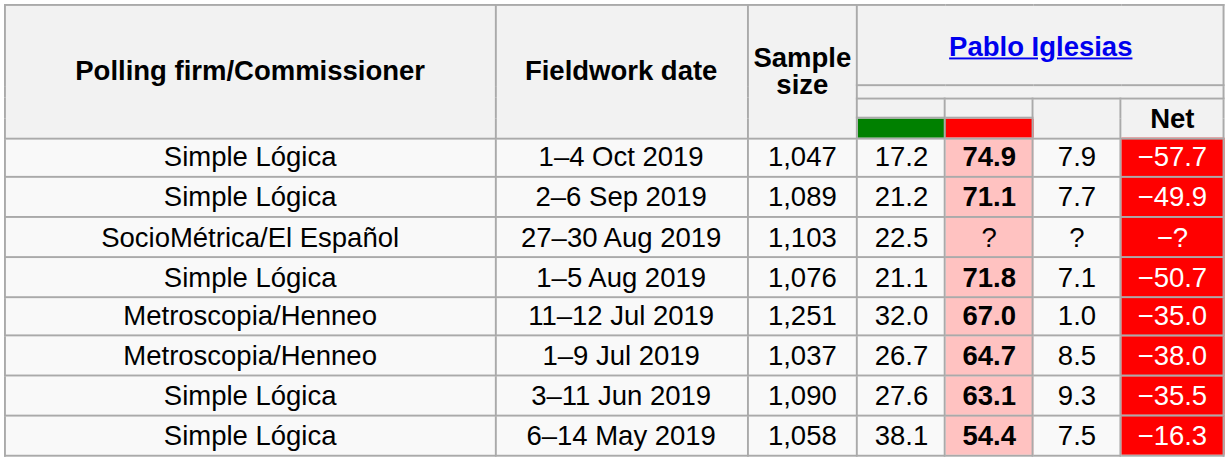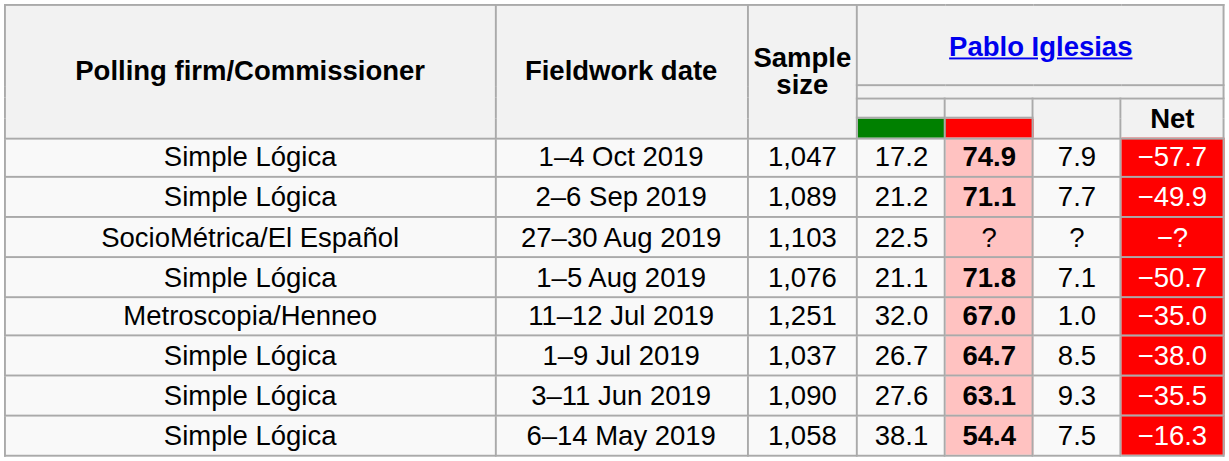 <table class="wikitable collapsible collapsed" style="text-align:center; font-size:90%; line-height:14px;">
 <tr style="height:42px;">
 <th style="width:250px;" rowspan="4">Polling firm/Commissioner</th>
 <th style="width:125px;" rowspan="4">Fieldwork date</th>
 <th style="width:50px;" rowspan="4">Sample size</th>
 <th style="width:185px;" colspan="4"><a href='#'>Pablo Iglesias</a><br></th>
 </tr>
 <tr>
 <th colspan="4" style="background:"></th>
 </tr>
 <tr>
 <th style="width:30px;"></th>
 <th style="width:30px;"></th>
 <th style="width:30px;" rowspan="2"></th>
 <th style="width:30px;" rowspan="2">Net</th>
 </tr>
 <tr>
 <th style="color:inherit;background:#008000;"></th>
 <th style="color:inherit;background:#FF0000;"></th>
 </tr>
 <tr>
 <td>Simple Lógica</td>
 <td>1–4 Oct 2019</td>
 <td>1,047</td>
 <td>17.2</td>
 <td style="background:#FFC2C1;"><strong>74.9</strong></td>
 <td>7.9</td>
 <td style="background:#FF0000; color:white;">−57.7</td>
 </tr>
 <tr>
 <td>Simple Lógica</td>
 <td>2–6 Sep 2019</td>
 <td>1,089</td>
 <td>21.2</td>
 <td style="background:#FFC2C1;"><strong>71.1</strong></td>
 <td>7.7</td>
 <td style="background:#FF0000; color:white;">−49.9</td>
 </tr>
 <tr>
 <td>SocioMétrica/El Español</td>
 <td>27–30 Aug 2019</td>
 <td>1,103</td>
 <td>22.5</td>
 <td style="background:#FFC2C1;">?</td>
 <td>?</td>
 <td style="background:#FF0000; color:white;">−?</td>
 </tr>
 <tr>
 <td>Simple Lógica</td>
 <td>1–5 Aug 2019</td>
 <td>1,076</td>
 <td>21.1</td>
 <td style="background:#FFC2C1;"><strong>71.8</strong></td>
 <td>7.1</td>
 <td style="background:#FF0000; color:white;">−50.7</td>
 </tr>
 <tr>
 <td>Metroscopia/Henneo</td>
 <td>11–12 Jul 2019</td>
 <td>1,251</td>
 <td>32.0</td>
 <td style="background:#FFC2C1;"><strong>67.0</strong></td>
 <td>1.0</td>
 <td style="background:#FF0000; color:white;">−35.0</td>
 </tr>
 <tr>
-<td>Metroscopia/Henneo</td>
+<td>Simple Lógica</td>
 <td>1–9 Jul 2019</td>
 <td>1,037</td>
 <td>26.7</td>
 <td style="background:#FFC2C1;"><strong>64.7</strong></td>
 <td>8.5</td>
 <td style="background:#FF0000; color:white;">−38.0</td>
 </tr>
 <tr>
 <td>Simple Lógica</td>
 <td>3–11 Jun 2019</td>
 <td>1,090</td>
 <td>27.6</td>
 <td style="background:#FFC2C1;"><strong>63.1</strong></td>
 <td>9.3</td>
 <td style="background:#FF0000; color:white;">−35.5</td>
 </tr>
 <tr>
 <td>Simple Lógica</td>
 <td>6–14 May 2019</td>
 <td>1,058</td>
 <td>38.1</td>
 <td style="background:#FFC2C1;"><strong>54.4</strong></td>
 <td>7.5</td>
 <td style="background:#FF0000; color:white;">−16.3</td>
 </tr>
 </table>
